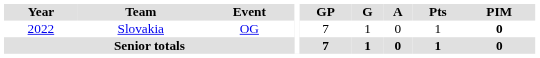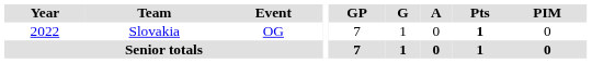 <table border="0" cellpadding="1" cellspacing="0" ID="Table3" style="text-align:center; width:40em">
 <tr ALIGN="center" bgcolor="#e0e0e0">
 <th>Year</th>
 <th>Team</th>
 <th>Event</th>
 <th rowspan="99" bgcolor="#ffffff"></th>
 <th>GP</th>
 <th>G</th>
 <th>A</th>
 <th>Pts</th>
 <th>PIM</th>
 </tr>
 <tr>
 <td><a href='#'>2022</a></td>
 <td><a href='#'>Slovakia</a></td>
 <td><a href='#'>OG</a></td>
 <td>7</td>
 <td>1</td>
 <td>0</td>
-<td>1</td>
-<td><strong>0</strong></td>
+<td><strong>1</strong></td>
+<td>0</td>
 </tr>
 <tr bgcolor="#e0e0e0">
 <th colspan="3">Senior totals</th>
 <th>7</th>
 <th>1</th>
 <th>0</th>
 <th>1</th>
 <th>0</th>
 </tr>
 </table>
